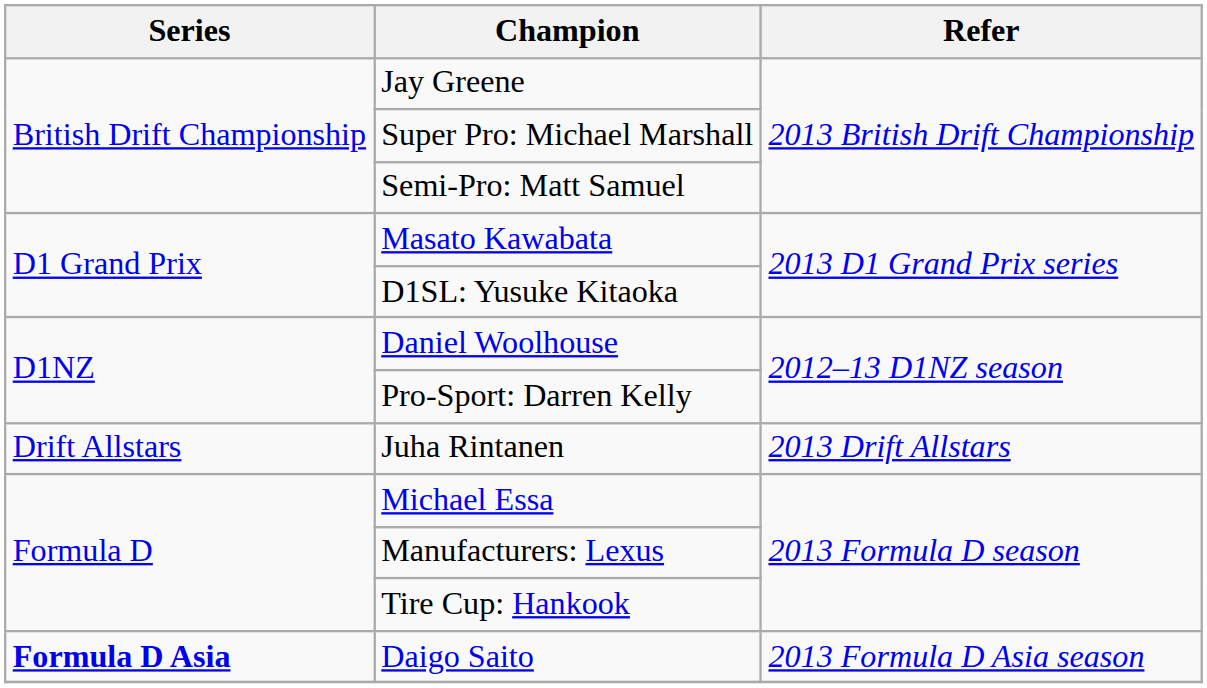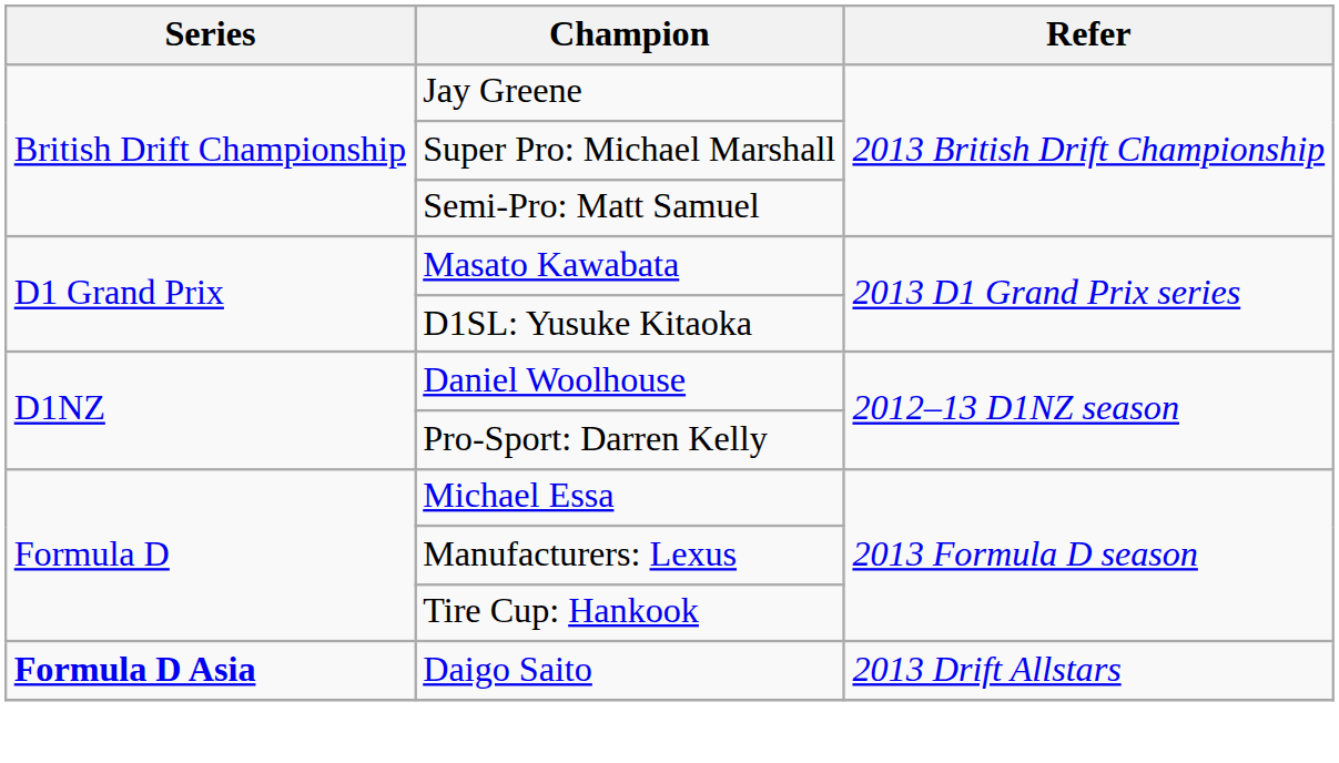 <table class="wikitable" style="font-size:87%;">
 <tr>
 <th>Series</th>
 <th>Champion</th>
 <th>Refer</th>
 </tr>
 <tr>
 <td rowspan=3><a href='#'>British Drift Championship</a></td>
 <td> Jay Greene</td>
 <td rowspan=3><em><a href='#'>2013 British Drift Championship</a></em></td>
 </tr>
 <tr>
 <td>Super Pro:  Michael Marshall</td>
 </tr>
 <tr>
 <td>Semi-Pro:  Matt Samuel</td>
 </tr>
 <tr>
 <td rowspan=2><a href='#'>D1 Grand Prix</a></td>
 <td> <a href='#'>Masato Kawabata</a></td>
 <td rowspan=2><em><a href='#'>2013 D1 Grand Prix series</a></em></td>
 </tr>
 <tr>
 <td>D1SL:  Yusuke Kitaoka</td>
 </tr>
 <tr>
 <td rowspan=2><a href='#'>D1NZ</a></td>
 <td> <a href='#'>Daniel Woolhouse</a></td>
 <td rowspan=2><em><a href='#'>2012–13 D1NZ season</a></em></td>
 </tr>
 <tr>
 <td>Pro-Sport:  Darren Kelly</td>
 </tr>
 <tr>
-<td><a href='#'>Drift Allstars</a></td>
-<td> Juha Rintanen</td>
-<td><em><a href='#'>2013 Drift Allstars</a></em></td>
-</tr>
-<tr>
 <td rowspan=3><a href='#'>Formula D</a></td>
 <td> <a href='#'>Michael Essa</a></td>
 <td rowspan=3><em><a href='#'>2013 Formula D season</a></em></td>
 </tr>
 <tr>
 <td>Manufacturers:  <a href='#'>Lexus</a></td>
 </tr>
 <tr>
 <td>Tire Cup:  <a href='#'>Hankook</a></td>
 </tr>
 <tr>
 <td><strong><a href='#'>Formula D Asia</a></strong></td>
 <td> <a href='#'>Daigo Saito</a></td>
-<td><em><a href='#'>2013 Formula D Asia season</a></em></td>
+<td><em><a href='#'>2013 Drift Allstars</a></em></td>
 </tr>
 <tr>
 </tr>
 </table>
